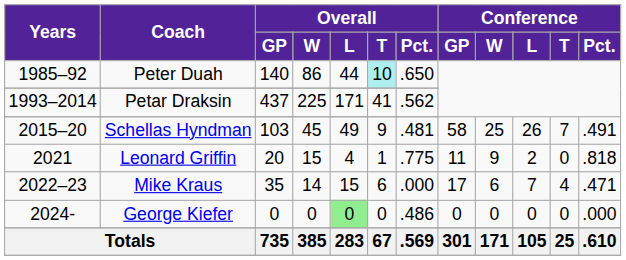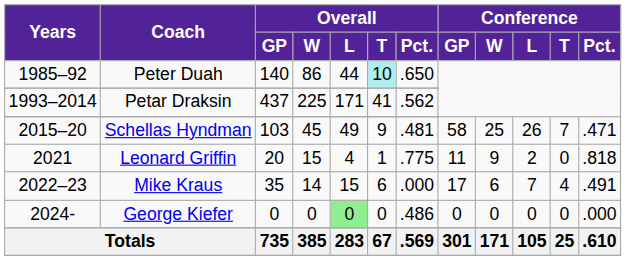 <table class="wikitable" style="text-align:center">
 <tr>
 <th style="background:#522398; color:White;" rowspan="2">Years</th>
 <th style="background:#522398; color:White;" rowspan="2">Coach</th>
 <th style="background:#522398; color:White;" colspan="5">Overall</th>
 <th style="background:#522398; color:White;" colspan="5">Conference</th>
 </tr>
 <tr>
 <th style="background:#522398; color:White;">GP</th>
 <th style="background:#522398; color:White;">W</th>
 <th style="background:#522398; color:White;">L</th>
 <th style="background:#522398; color:White;">T</th>
 <th style="background:#522398; color:White;">Pct.</th>
 <th style="background:#522398; color:White;">GP</th>
 <th style="background:#522398; color:White;">W</th>
 <th style="background:#522398; color:White;">L</th>
 <th style="background:#522398; color:White;">T</th>
 <th style="background:#522398; color:White;">Pct.</th>
 </tr>
 <tr>
 <td>1985–92</td>
 <td>Peter Duah</td>
 <td>140</td>
 <td>86</td>
 <td>44</td>
 <td style="background: paleturquoise;">10</td>
 <td>.650</td>
 </tr>
 <tr ->
 </tr>
 <tr ->
 </tr>
 <tr ->
 </tr>
 <tr ->
 </tr>
 <tr ->
 </tr>
 <tr>
 <td>1993–2014</td>
 <td>Petar Draksin</td>
 <td>437</td>
 <td>225</td>
 <td>171</td>
 <td>41</td>
 <td>.562</td>
 </tr>
 <tr ->
 </tr>
 <tr ->
 </tr>
 <tr ->
 </tr>
 <tr ->
 </tr>
 <tr>
 <td>2015–20</td>
 <td><a href='#'>Schellas Hyndman</a></td>
 <td>103</td>
 <td>45</td>
 <td>49</td>
 <td>9</td>
 <td>.481</td>
 <td>58</td>
 <td>25</td>
 <td>26</td>
 <td>7</td>
-<td>.491</td>
+<td>.471</td>
 </tr>
 <tr>
 <td>2021</td>
 <td><a href='#'>Leonard Griffin</a></td>
 <td>20</td>
 <td>15</td>
 <td>4</td>
 <td>1</td>
 <td>.775</td>
 <td>11</td>
 <td>9</td>
 <td>2</td>
 <td>0</td>
 <td>.818</td>
 </tr>
 <tr>
 <td>2022–23</td>
 <td><a href='#'>Mike Kraus</a></td>
 <td>35</td>
 <td>14</td>
 <td>15</td>
 <td>6</td>
 <td>.000</td>
 <td>17</td>
 <td>6</td>
 <td>7</td>
 <td>4</td>
-<td>.471</td>
+<td>.491</td>
 </tr>
 <tr ->
 <td>2024-</td>
 <td><a href='#'>George Kiefer</a></td>
 <td>0</td>
 <td>0</td>
 <td style="background: lightgreen;">0</td>
 <td>0</td>
 <td>.486</td>
 <td>0</td>
 <td>0</td>
 <td>0</td>
 <td>0</td>
 <td>.000</td>
 </tr>
 <tr ->
 </tr>
 <tr ->
 </tr>
 <tr ->
 </tr>
 <tr ->
 </tr>
 <tr ->
 </tr>
 <tr ->
 </tr>
 <tr ->
 </tr>
 <tr ->
 </tr>
 <tr ->
 </tr>
 <tr>
 <th colspan="2">Totals</th>
 <th>735</th>
 <th>385</th>
 <th>283</th>
 <th>67</th>
 <th>.569</th>
 <th>301</th>
 <th>171</th>
 <th>105</th>
 <th>25</th>
 <th>.610</th>
 </tr>
 <tr>
 </tr>
 </table>
